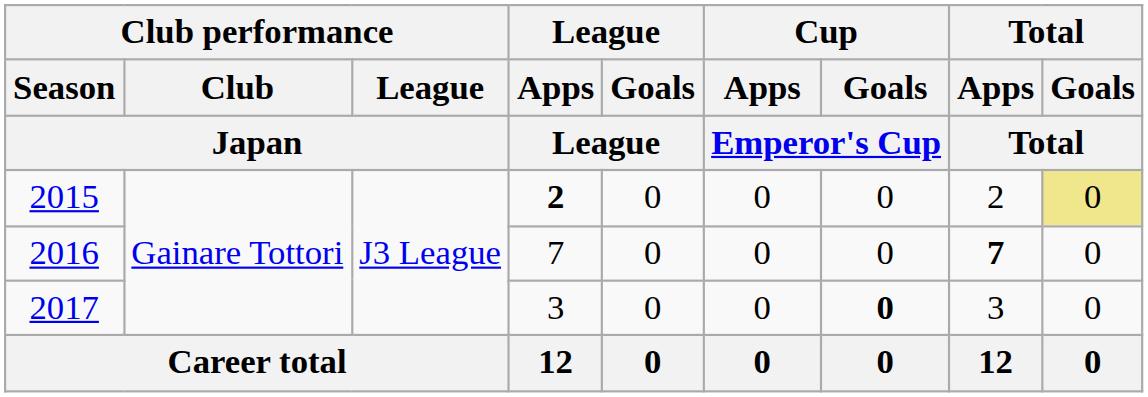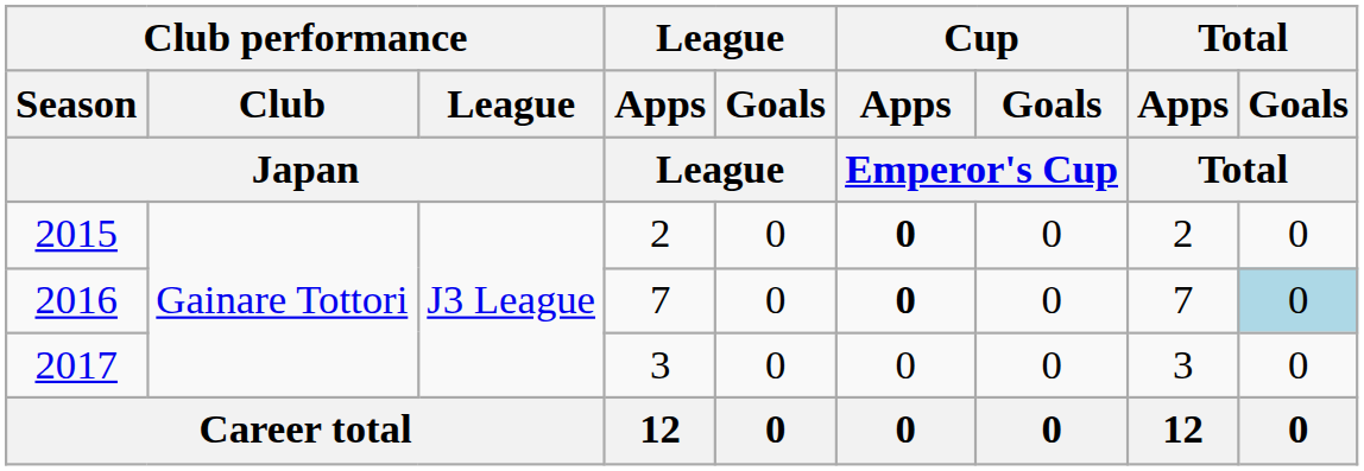 <table class="wikitable" style="text-align:center">
 <tr>
 <th colspan=3>Club performance</th>
 <th colspan=2>League</th>
 <th colspan=2>Cup</th>
 <th colspan=2>Total</th>
 </tr>
 <tr>
 <th>Season</th>
 <th>Club</th>
 <th>League</th>
 <th>Apps</th>
 <th>Goals</th>
 <th>Apps</th>
 <th>Goals</th>
 <th>Apps</th>
 <th>Goals</th>
 </tr>
 <tr>
 <th colspan=3>Japan</th>
 <th colspan=2>League</th>
 <th colspan=2><a href='#'>Emperor's Cup</a></th>
 <th colspan=2>Total</th>
 </tr>
 <tr>
 <td><a href='#'>2015</a></td>
 <td rowspan="3"><a href='#'>Gainare Tottori</a></td>
 <td rowspan="3"><a href='#'>J3 League</a></td>
-<td><strong>2</strong></td>
+<td>2</td>
 <td>0</td>
-<td>0</td>
+<td><strong>0</strong></td>
 <td>0</td>
 <td>2</td>
-<td style="background: khaki;">0</td>
+<td>0</td>
 </tr>
 <tr>
 <td><a href='#'>2016</a></td>
 <td>7</td>
 <td>0</td>
+<td><strong>0</strong></td>
 <td>0</td>
-<td>0</td>
-<td><strong>7</strong></td>
-<td>0</td>
+<td>7</td>
+<td style="background: lightblue;">0</td>
 </tr>
 <tr>
 <td><a href='#'>2017</a></td>
 <td>3</td>
 <td>0</td>
 <td>0</td>
-<td><strong>0</strong></td>
+<td>0</td>
 <td>3</td>
 <td>0</td>
 </tr>
 <tr>
 <th colspan=3>Career total</th>
 <th>12</th>
 <th>0</th>
 <th>0</th>
 <th>0</th>
 <th>12</th>
 <th>0</th>
 </tr>
 </table>
